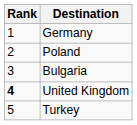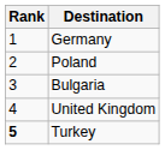 <table class="wikitable">
 <tr>
 <th>Rank</th>
 <th>Destination</th>
 </tr>
 <tr>
 <td>1</td>
 <td> Germany</td>
 </tr>
 <tr>
 <td>2</td>
 <td> Poland</td>
 </tr>
 <tr>
 <td>3</td>
 <td> Bulgaria</td>
 </tr>
 <tr>
-<td><strong>4</strong></td>
+<td>4</td>
 <td> United Kingdom</td>
 </tr>
 <tr>
-<td>5</td>
+<td><strong>5</strong></td>
 <td> Turkey</td>
 </tr>
 </table>
